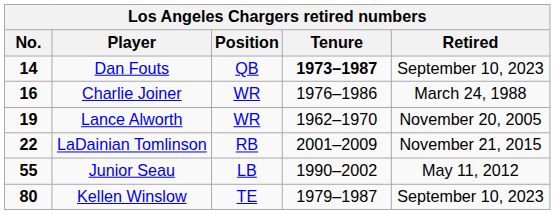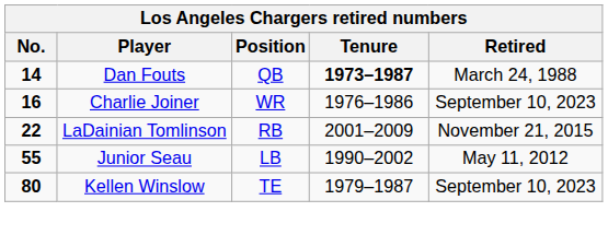 <table class="wikitable" style="text-align:center">
 <tr>
 <th colspan=5>Los Angeles Chargers retired numbers</th>
 </tr>
 <tr>
 <th scope="col" style="width:40px; ">No.</th>
 <th scope="col" style="width:150px; ">Player</th>
 <th scope="col" style="width:40px; ">Position</th>
 <th scope="col" style="width:100px; ">Tenure</th>
 <th scope="col" style="width:150px; ">Retired</th>
 </tr>
 <tr>
 <td><strong>14</strong></td>
 <td><a href='#'>Dan Fouts</a></td>
 <td><a href='#'>QB</a></td>
 <td><strong>1973–1987</strong></td>
-<td>September 10, 2023</td>
+<td>March 24, 1988</td>
 </tr>
 <tr>
 <td><strong>16</strong></td>
 <td><a href='#'>Charlie Joiner</a></td>
 <td><a href='#'>WR</a></td>
 <td>1976–1986</td>
-<td>March 24, 1988</td>
-</tr>
-<tr>
-<td><strong>19</strong></td>
-<td><a href='#'>Lance Alworth</a></td>
-<td><a href='#'>WR</a></td>
-<td>1962–1970</td>
-<td>November 20, 2005</td>
+<td>September 10, 2023</td>
 </tr>
 <tr>
 <td><strong>22</strong></td>
 <td><a href='#'>LaDainian Tomlinson</a></td>
 <td><a href='#'>RB</a></td>
 <td>2001–2009</td>
 <td>November 21, 2015</td>
 </tr>
 <tr>
 <td><strong>55</strong></td>
 <td><a href='#'>Junior Seau</a></td>
 <td><a href='#'>LB</a></td>
 <td>1990–2002</td>
 <td>May 11, 2012</td>
 </tr>
 <tr>
 <td><strong>80</strong></td>
 <td><a href='#'>Kellen Winslow</a></td>
 <td><a href='#'>TE</a></td>
 <td>1979–1987</td>
 <td>September 10, 2023</td>
 </tr>
 </table>
